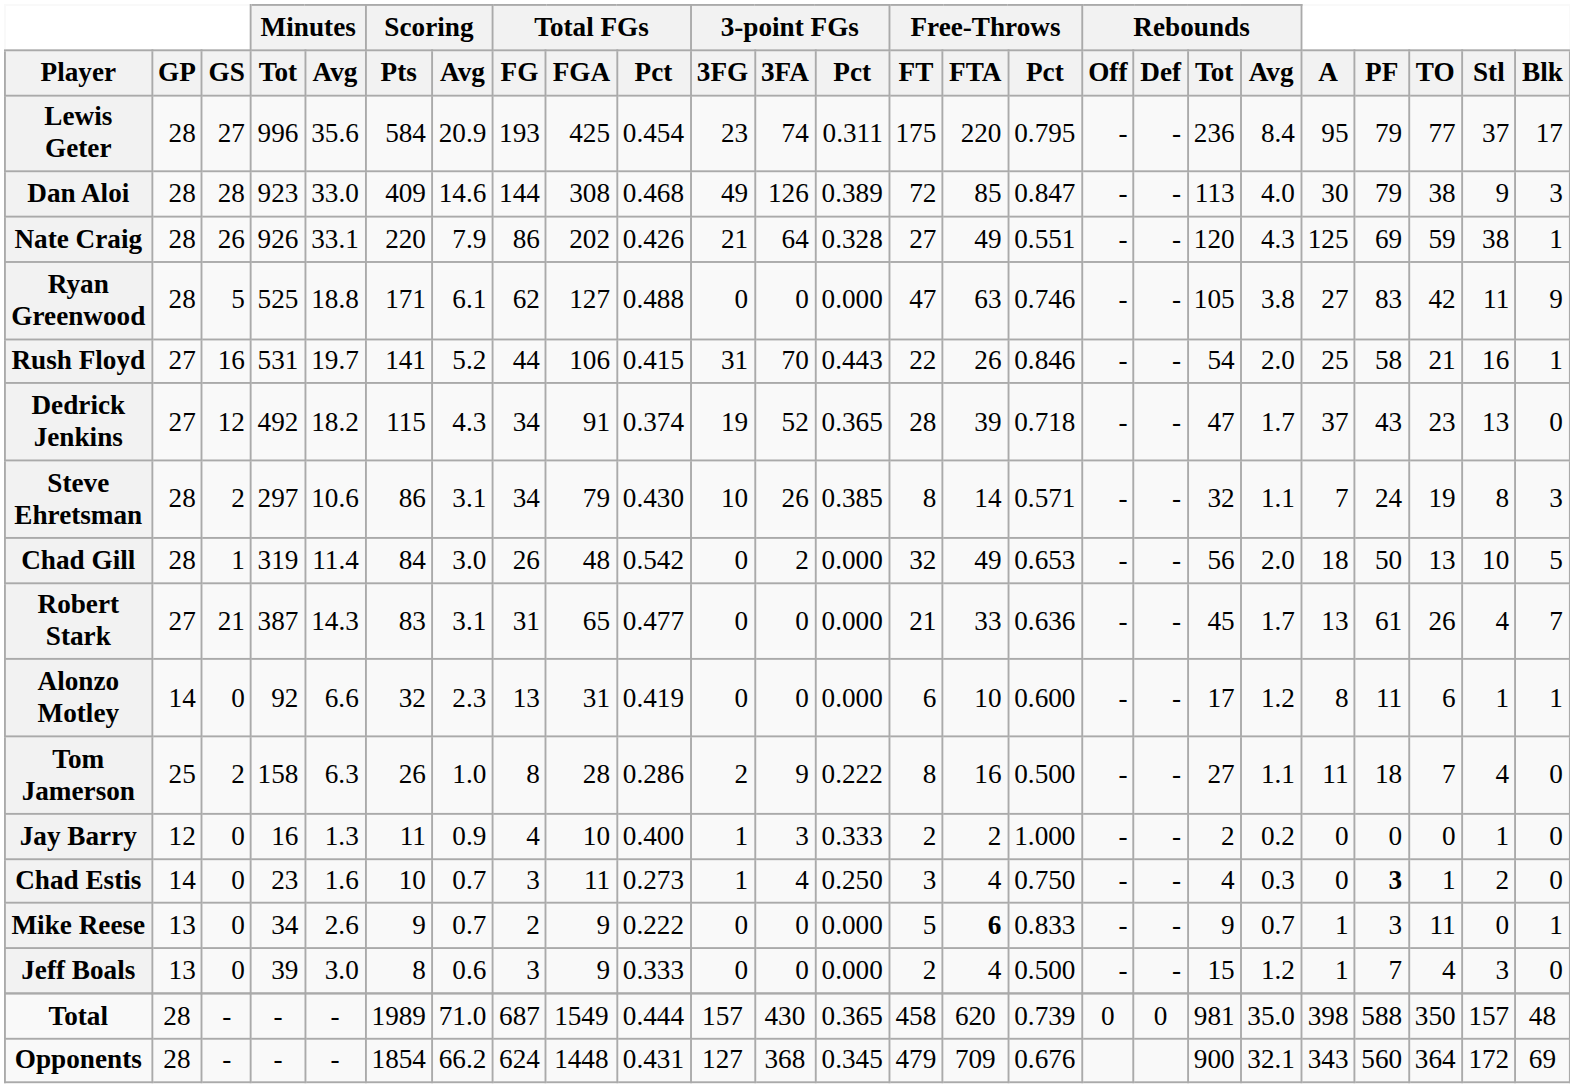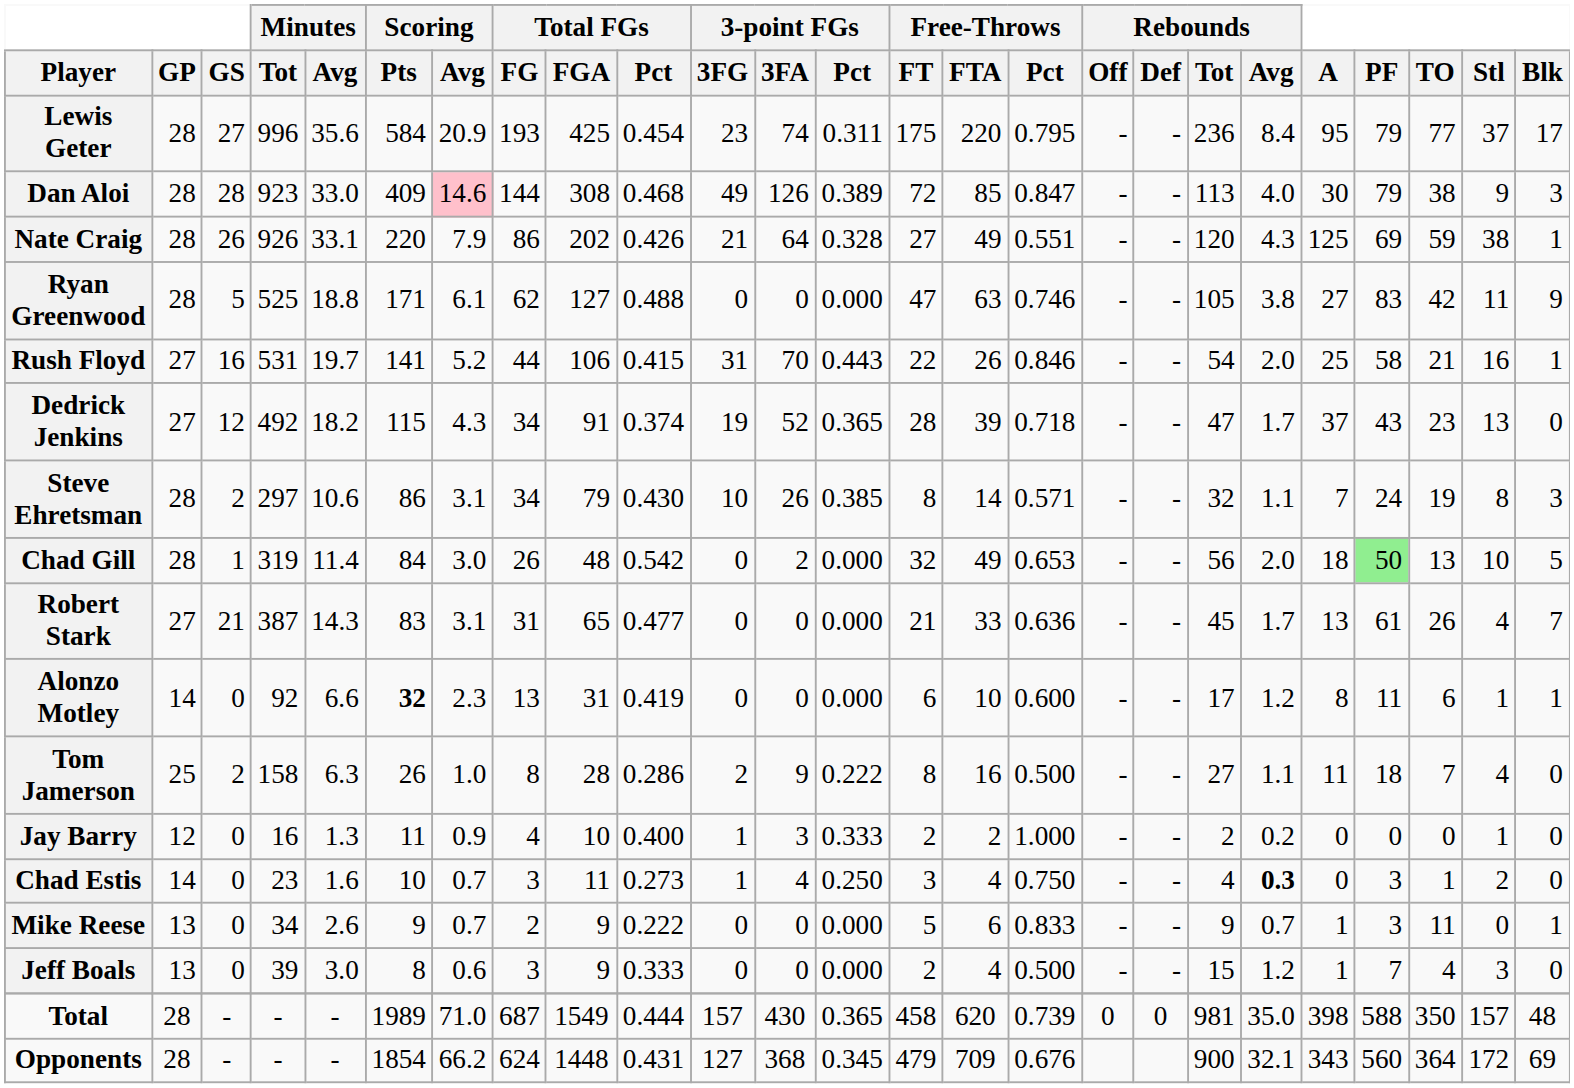 <table class="wikitable sortable" border="1" style="font-size:90%;">
 <tr>
 <th colspan="3" style="border-top-style:hidden; border-left-style:hidden; background: white;"></th>
 <th colspan="2" style=>Minutes</th>
 <th colspan="2" style=>Scoring</th>
 <th colspan="3" style=>Total FGs</th>
 <th colspan="3" style=>3-point FGs</th>
 <th colspan="3" style=>Free-Throws</th>
 <th colspan="4" style=>Rebounds</th>
 <th colspan="5" style="border-top-style:hidden; border-right-style:hidden; background: white;"></th>
 </tr>
 <tr>
 <th scope="col" style=>Player</th>
 <th scope="col" style=>GP</th>
 <th scope="col" style=>GS</th>
 <th scope="col" style=>Tot</th>
 <th scope="col" style=>Avg</th>
 <th scope="col" style=>Pts</th>
 <th scope="col" style=>Avg</th>
 <th scope="col" style=>FG</th>
 <th scope="col" style=>FGA</th>
 <th scope="col" style=>Pct</th>
 <th scope="col" style=>3FG</th>
 <th scope="col" style=>3FA</th>
 <th scope="col" style=>Pct</th>
 <th scope="col" style=>FT</th>
 <th scope="col" style=>FTA</th>
 <th scope="col" style=>Pct</th>
 <th scope="col" style=>Off</th>
 <th scope="col" style=>Def</th>
 <th scope="col" style=>Tot</th>
 <th scope="col" style=>Avg</th>
 <th scope="col" style=>A</th>
 <th scope="col" style=>PF</th>
 <th scope="col" style=>TO</th>
 <th scope="col" style=>Stl</th>
 <th scope="col" style=>Blk</th>
 </tr>
 <tr>
 <th>Lewis Geter</th>
 <td align="right">28</td>
 <td align="right">27</td>
 <td align="right">996</td>
 <td align="right">35.6</td>
 <td align="right">584</td>
 <td align="right">20.9</td>
 <td align="right">193</td>
 <td align="right">425</td>
 <td align="right">0.454</td>
 <td align="right">23</td>
 <td align="right">74</td>
 <td align="right">0.311</td>
 <td align="right">175</td>
 <td align="right">220</td>
 <td align="right">0.795</td>
 <td align="right">-</td>
 <td align="right">-</td>
 <td align="right">236</td>
 <td align="right">8.4</td>
 <td align="right">95</td>
 <td align="right">79</td>
 <td align="right">77</td>
 <td align="right">37</td>
 <td align="right">17</td>
 </tr>
 <tr>
 <th>Dan Aloi</th>
 <td align="right">28</td>
 <td align="right">28</td>
 <td align="right">923</td>
 <td align="right">33.0</td>
 <td align="right">409</td>
-<td align="right">14.6</td>
+<td align="right" style="background: pink;">14.6</td>
 <td align="right">144</td>
 <td align="right">308</td>
 <td align="right">0.468</td>
 <td align="right">49</td>
 <td align="right">126</td>
 <td align="right">0.389</td>
 <td align="right">72</td>
 <td align="right">85</td>
 <td align="right">0.847</td>
 <td align="right">-</td>
 <td align="right">-</td>
 <td align="right">113</td>
 <td align="right">4.0</td>
 <td align="right">30</td>
 <td align="right">79</td>
 <td align="right">38</td>
 <td align="right">9</td>
 <td align="right">3</td>
 </tr>
 <tr>
 <th>Nate Craig</th>
 <td align="right">28</td>
 <td align="right">26</td>
 <td align="right">926</td>
 <td align="right">33.1</td>
 <td align="right">220</td>
 <td align="right">7.9</td>
 <td align="right">86</td>
 <td align="right">202</td>
 <td align="right">0.426</td>
 <td align="right">21</td>
 <td align="right">64</td>
 <td align="right">0.328</td>
 <td align="right">27</td>
 <td align="right">49</td>
 <td align="right">0.551</td>
 <td align="right">-</td>
 <td align="right">-</td>
 <td align="right">120</td>
 <td align="right">4.3</td>
 <td align="right">125</td>
 <td align="right">69</td>
 <td align="right">59</td>
 <td align="right">38</td>
 <td align="right">1</td>
 </tr>
 <tr>
 <th>Ryan Greenwood</th>
 <td align="right">28</td>
 <td align="right">5</td>
 <td align="right">525</td>
 <td align="right">18.8</td>
 <td align="right">171</td>
 <td align="right">6.1</td>
 <td align="right">62</td>
 <td align="right">127</td>
 <td align="right">0.488</td>
 <td align="right">0</td>
 <td align="right">0</td>
 <td align="right">0.000</td>
 <td align="right">47</td>
 <td align="right">63</td>
 <td align="right">0.746</td>
 <td align="right">-</td>
 <td align="right">-</td>
 <td align="right">105</td>
 <td align="right">3.8</td>
 <td align="right">27</td>
 <td align="right">83</td>
 <td align="right">42</td>
 <td align="right">11</td>
 <td align="right">9</td>
 </tr>
 <tr>
 <th>Rush Floyd</th>
 <td align="right">27</td>
 <td align="right">16</td>
 <td align="right">531</td>
 <td align="right">19.7</td>
 <td align="right">141</td>
 <td align="right">5.2</td>
 <td align="right">44</td>
 <td align="right">106</td>
 <td align="right">0.415</td>
 <td align="right">31</td>
 <td align="right">70</td>
 <td align="right">0.443</td>
 <td align="right">22</td>
 <td align="right">26</td>
 <td align="right">0.846</td>
 <td align="right">-</td>
 <td align="right">-</td>
 <td align="right">54</td>
 <td align="right">2.0</td>
 <td align="right">25</td>
 <td align="right">58</td>
 <td align="right">21</td>
 <td align="right">16</td>
 <td align="right">1</td>
 </tr>
 <tr>
 <th>Dedrick Jenkins</th>
 <td align="right">27</td>
 <td align="right">12</td>
 <td align="right">492</td>
 <td align="right">18.2</td>
 <td align="right">115</td>
 <td align="right">4.3</td>
 <td align="right">34</td>
 <td align="right">91</td>
 <td align="right">0.374</td>
 <td align="right">19</td>
 <td align="right">52</td>
 <td align="right">0.365</td>
 <td align="right">28</td>
 <td align="right">39</td>
 <td align="right">0.718</td>
 <td align="right">-</td>
 <td align="right">-</td>
 <td align="right">47</td>
 <td align="right">1.7</td>
 <td align="right">37</td>
 <td align="right">43</td>
 <td align="right">23</td>
 <td align="right">13</td>
 <td align="right">0</td>
 </tr>
 <tr>
 <th>Steve Ehretsman</th>
 <td align="right">28</td>
 <td align="right">2</td>
 <td align="right">297</td>
 <td align="right">10.6</td>
 <td align="right">86</td>
 <td align="right">3.1</td>
 <td align="right">34</td>
 <td align="right">79</td>
 <td align="right">0.430</td>
 <td align="right">10</td>
 <td align="right">26</td>
 <td align="right">0.385</td>
 <td align="right">8</td>
 <td align="right">14</td>
 <td align="right">0.571</td>
 <td align="right">-</td>
 <td align="right">-</td>
 <td align="right">32</td>
 <td align="right">1.1</td>
 <td align="right">7</td>
 <td align="right">24</td>
 <td align="right">19</td>
 <td align="right">8</td>
 <td align="right">3</td>
 </tr>
 <tr>
 <th>Chad Gill</th>
 <td align="right">28</td>
 <td align="right">1</td>
 <td align="right">319</td>
 <td align="right">11.4</td>
 <td align="right">84</td>
 <td align="right">3.0</td>
 <td align="right">26</td>
 <td align="right">48</td>
 <td align="right">0.542</td>
 <td align="right">0</td>
 <td align="right">2</td>
 <td align="right">0.000</td>
 <td align="right">32</td>
 <td align="right">49</td>
 <td align="right">0.653</td>
 <td align="right">-</td>
 <td align="right">-</td>
 <td align="right">56</td>
 <td align="right">2.0</td>
 <td align="right">18</td>
-<td align="right">50</td>
+<td align="right" style="background: lightgreen;">50</td>
 <td align="right">13</td>
 <td align="right">10</td>
 <td align="right">5</td>
 </tr>
 <tr>
 <th>Robert Stark</th>
 <td align="right">27</td>
 <td align="right">21</td>
 <td align="right">387</td>
 <td align="right">14.3</td>
 <td align="right">83</td>
 <td align="right">3.1</td>
 <td align="right">31</td>
 <td align="right">65</td>
 <td align="right">0.477</td>
 <td align="right">0</td>
 <td align="right">0</td>
 <td align="right">0.000</td>
 <td align="right">21</td>
 <td align="right">33</td>
 <td align="right">0.636</td>
 <td align="right">-</td>
 <td align="right">-</td>
 <td align="right">45</td>
 <td align="right">1.7</td>
 <td align="right">13</td>
 <td align="right">61</td>
 <td align="right">26</td>
 <td align="right">4</td>
 <td align="right">7</td>
 </tr>
 <tr>
 <th>Alonzo Motley</th>
 <td align="right">14</td>
 <td align="right">0</td>
 <td align="right">92</td>
 <td align="right">6.6</td>
-<td align="right">32</td>
+<td align="right"><strong>32</strong></td>
 <td align="right">2.3</td>
 <td align="right">13</td>
 <td align="right">31</td>
 <td align="right">0.419</td>
 <td align="right">0</td>
 <td align="right">0</td>
 <td align="right">0.000</td>
 <td align="right">6</td>
 <td align="right">10</td>
 <td align="right">0.600</td>
 <td align="right">-</td>
 <td align="right">-</td>
 <td align="right">17</td>
 <td align="right">1.2</td>
 <td align="right">8</td>
 <td align="right">11</td>
 <td align="right">6</td>
 <td align="right">1</td>
 <td align="right">1</td>
 </tr>
 <tr>
 <th>Tom Jamerson</th>
 <td align="right">25</td>
 <td align="right">2</td>
 <td align="right">158</td>
 <td align="right">6.3</td>
 <td align="right">26</td>
 <td align="right">1.0</td>
 <td align="right">8</td>
 <td align="right">28</td>
 <td align="right">0.286</td>
 <td align="right">2</td>
 <td align="right">9</td>
 <td align="right">0.222</td>
 <td align="right">8</td>
 <td align="right">16</td>
 <td align="right">0.500</td>
 <td align="right">-</td>
 <td align="right">-</td>
 <td align="right">27</td>
 <td align="right">1.1</td>
 <td align="right">11</td>
 <td align="right">18</td>
 <td align="right">7</td>
 <td align="right">4</td>
 <td align="right">0</td>
 </tr>
 <tr>
 <th>Jay Barry</th>
 <td align="right">12</td>
 <td align="right">0</td>
 <td align="right">16</td>
 <td align="right">1.3</td>
 <td align="right">11</td>
 <td align="right">0.9</td>
 <td align="right">4</td>
 <td align="right">10</td>
 <td align="right">0.400</td>
 <td align="right">1</td>
 <td align="right">3</td>
 <td align="right">0.333</td>
 <td align="right">2</td>
 <td align="right">2</td>
 <td align="right">1.000</td>
 <td align="right">-</td>
 <td align="right">-</td>
 <td align="right">2</td>
 <td align="right">0.2</td>
 <td align="right">0</td>
 <td align="right">0</td>
 <td align="right">0</td>
 <td align="right">1</td>
 <td align="right">0</td>
 </tr>
 <tr>
 <th>Chad Estis</th>
 <td align="right">14</td>
 <td align="right">0</td>
 <td align="right">23</td>
 <td align="right">1.6</td>
 <td align="right">10</td>
 <td align="right">0.7</td>
 <td align="right">3</td>
 <td align="right">11</td>
 <td align="right">0.273</td>
 <td align="right">1</td>
 <td align="right">4</td>
 <td align="right">0.250</td>
 <td align="right">3</td>
 <td align="right">4</td>
 <td align="right">0.750</td>
 <td align="right">-</td>
 <td align="right">-</td>
 <td align="right">4</td>
-<td align="right">0.3</td>
+<td align="right"><strong>0.3</strong></td>
 <td align="right">0</td>
-<td align="right"><strong>3</strong></td>
+<td align="right">3</td>
 <td align="right">1</td>
 <td align="right">2</td>
 <td align="right">0</td>
 </tr>
 <tr>
 <th>Mike Reese</th>
 <td align="right">13</td>
 <td align="right">0</td>
 <td align="right">34</td>
 <td align="right">2.6</td>
 <td align="right">9</td>
 <td align="right">0.7</td>
 <td align="right">2</td>
 <td align="right">9</td>
 <td align="right">0.222</td>
 <td align="right">0</td>
 <td align="right">0</td>
 <td align="right">0.000</td>
 <td align="right">5</td>
-<td align="right"><strong>6</strong></td>
+<td align="right">6</td>
 <td align="right">0.833</td>
 <td align="right">-</td>
 <td align="right">-</td>
 <td align="right">9</td>
 <td align="right">0.7</td>
 <td align="right">1</td>
 <td align="right">3</td>
 <td align="right">11</td>
 <td align="right">0</td>
 <td align="right">1</td>
 </tr>
 <tr>
 <th>Jeff Boals</th>
 <td align="right">13</td>
 <td align="right">0</td>
 <td align="right">39</td>
 <td align="right">3.0</td>
 <td align="right">8</td>
 <td align="right">0.6</td>
 <td align="right">3</td>
 <td align="right">9</td>
 <td align="right">0.333</td>
 <td align="right">0</td>
 <td align="right">0</td>
 <td align="right">0.000</td>
 <td align="right">2</td>
 <td align="right">4</td>
 <td align="right">0.500</td>
 <td align="right">-</td>
 <td align="right">-</td>
 <td align="right">15</td>
 <td align="right">1.2</td>
 <td align="right">1</td>
 <td align="right">7</td>
 <td align="right">4</td>
 <td align="right">3</td>
 <td align="right">0</td>
 </tr>
 <tr>
 </tr>
 <tr class="sortbottom">
 <td align="center" style=><strong>Total</strong></td>
 <td align="center" style=>28</td>
 <td align="center" style=>-</td>
 <td align="center" style=>-</td>
 <td align="center" style=>-</td>
 <td align="center" style=>1989</td>
 <td align="center" style=>71.0</td>
 <td align="center" style=>687</td>
 <td align="center" style=>1549</td>
 <td align="center" style=>0.444</td>
 <td align="center" style=>157</td>
 <td align="center" style=>430</td>
 <td align="center" style=>0.365</td>
 <td align="center" style=>458</td>
 <td align="center" style=>620</td>
 <td align="center" style=>0.739</td>
 <td align="center" style=>0</td>
 <td align="center" style=>0</td>
 <td align="center" style=>981</td>
 <td align="center" style=>35.0</td>
 <td align="center" style=>398</td>
 <td align="center" style=>588</td>
 <td align="center" style=>350</td>
 <td align="center" style=>157</td>
 <td align="center" style=>48</td>
 </tr>
 <tr class="sortbottom">
 <td align="center"><strong>Opponents</strong></td>
 <td align="center">28</td>
 <td align="center">-</td>
 <td align="center">-</td>
 <td align="center">-</td>
 <td align="center">1854</td>
 <td align="center">66.2</td>
 <td align="center">624</td>
 <td align="center">1448</td>
 <td align="center">0.431</td>
 <td align="center">127</td>
 <td align="center">368</td>
 <td align="center">0.345</td>
 <td align="center">479</td>
 <td align="center">709</td>
 <td align="center">0.676</td>
 <td align="center"></td>
 <td align="center"></td>
 <td align="center">900</td>
 <td align="center">32.1</td>
 <td align="center">343</td>
 <td align="center">560</td>
 <td align="center">364</td>
 <td align="center">172</td>
 <td align="center">69</td>
 </tr>
 </table>
